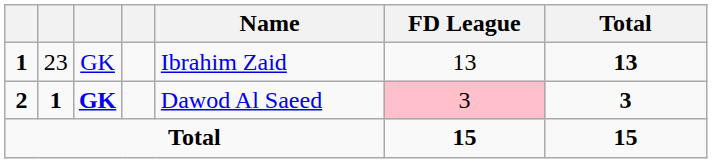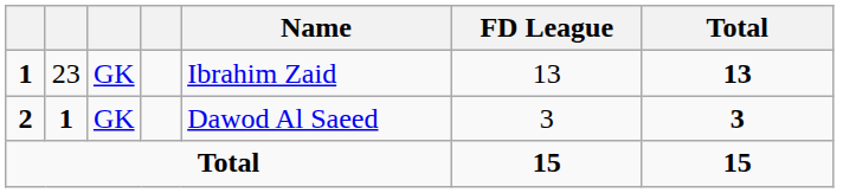 <table class="wikitable" style="text-align:center">
 <tr>
 <th width=15></th>
 <th width=15></th>
 <th width=15></th>
 <th width=15></th>
 <th width=145>Name</th>
 <th width=100>FD League</th>
 <th width=100>Total</th>
 </tr>
 <tr>
 <td><strong>1</strong></td>
 <td>23</td>
 <td><a href='#'>GK</a></td>
 <td></td>
 <td align=left><a href='#'>Ibrahim Zaid</a></td>
 <td>13</td>
 <td><strong>13</strong></td>
 </tr>
 <tr>
 <td><strong>2</strong></td>
 <td><strong>1</strong></td>
-<td><strong><a href='#'>GK</a></strong></td>
+<td><a href='#'>GK</a></td>
 <td></td>
 <td align=left><a href='#'>Dawod Al Saeed</a></td>
-<td style="background: pink;">3</td>
+<td>3</td>
 <td><strong>3</strong></td>
 </tr>
 <tr>
 <td colspan=5><strong>Total</strong></td>
 <td><strong>15</strong></td>
 <td><strong>15</strong></td>
 </tr>
 </table>
